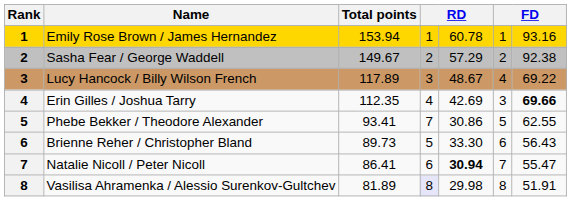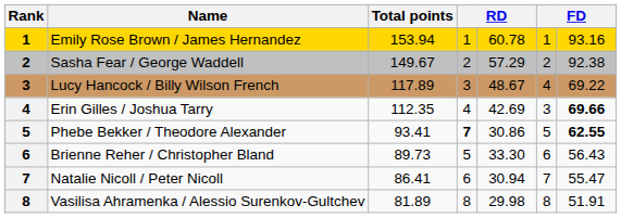 <table class="wikitable sortable">
 <tr>
 <th>Rank</th>
 <th>Name</th>
 <th>Total points</th>
 <th colspan="2" width="80px"><a href='#'>RD</a></th>
 <th colspan="2" width="80px"><a href='#'>FD</a></th>
 </tr>
 <tr bgcolor="gold">
 <td align="center"><strong>1</strong></td>
 <td>Emily Rose Brown / James Hernandez</td>
 <td align="center">153.94</td>
 <td align="center">1</td>
 <td align="center">60.78</td>
 <td align="center">1</td>
 <td align="center">93.16</td>
 </tr>
 <tr bgcolor="silver">
 <td align="center"><strong>2</strong></td>
 <td>Sasha Fear / George Waddell</td>
 <td align="center">149.67</td>
 <td align="center">2</td>
 <td align="center">57.29</td>
 <td align="center">2</td>
 <td align="center">92.38</td>
 </tr>
 <tr bgcolor="cc9966">
 <td align="center"><strong>3</strong></td>
 <td>Lucy Hancock / Billy Wilson French</td>
 <td align="center">117.89</td>
 <td align="center">3</td>
 <td align="center">48.67</td>
 <td align="center">4</td>
 <td align="center">69.22</td>
 </tr>
 <tr>
 <th>4</th>
 <td>Erin Gilles / Joshua Tarry</td>
 <td align="center">112.35</td>
 <td align="center">4</td>
 <td align="center">42.69</td>
 <td align="center">3</td>
 <td align="center"><strong>69.66</strong></td>
 </tr>
 <tr>
 <th>5</th>
 <td>Phebe Bekker / Theodore Alexander</td>
 <td align="center">93.41</td>
-<td align="center">7</td>
+<td align="center"><strong>7</strong></td>
 <td align="center">30.86</td>
 <td align="center">5</td>
-<td align="center">62.55</td>
+<td align="center"><strong>62.55</strong></td>
 </tr>
 <tr>
 <th>6</th>
 <td>Brienne Reher / Christopher Bland</td>
 <td align="center">89.73</td>
 <td align="center">5</td>
 <td align="center">33.30</td>
 <td align="center">6</td>
 <td align="center">56.43</td>
 </tr>
 <tr>
 <th>7</th>
 <td>Natalie Nicoll / Peter Nicoll</td>
 <td align="center">86.41</td>
 <td align="center">6</td>
-<td align="center"><strong>30.94</strong></td>
+<td align="center">30.94</td>
 <td align="center">7</td>
 <td align="center">55.47</td>
 </tr>
 <tr>
 <th>8</th>
 <td>Vasilisa Ahramenka / Alessio Surenkov-Gultchev</td>
 <td align="center">81.89</td>
-<td align="center" style="background: lavender;">8</td>
+<td align="center">8</td>
 <td align="center">29.98</td>
 <td align="center">8</td>
 <td align="center">51.91</td>
 </tr>
 </table>
